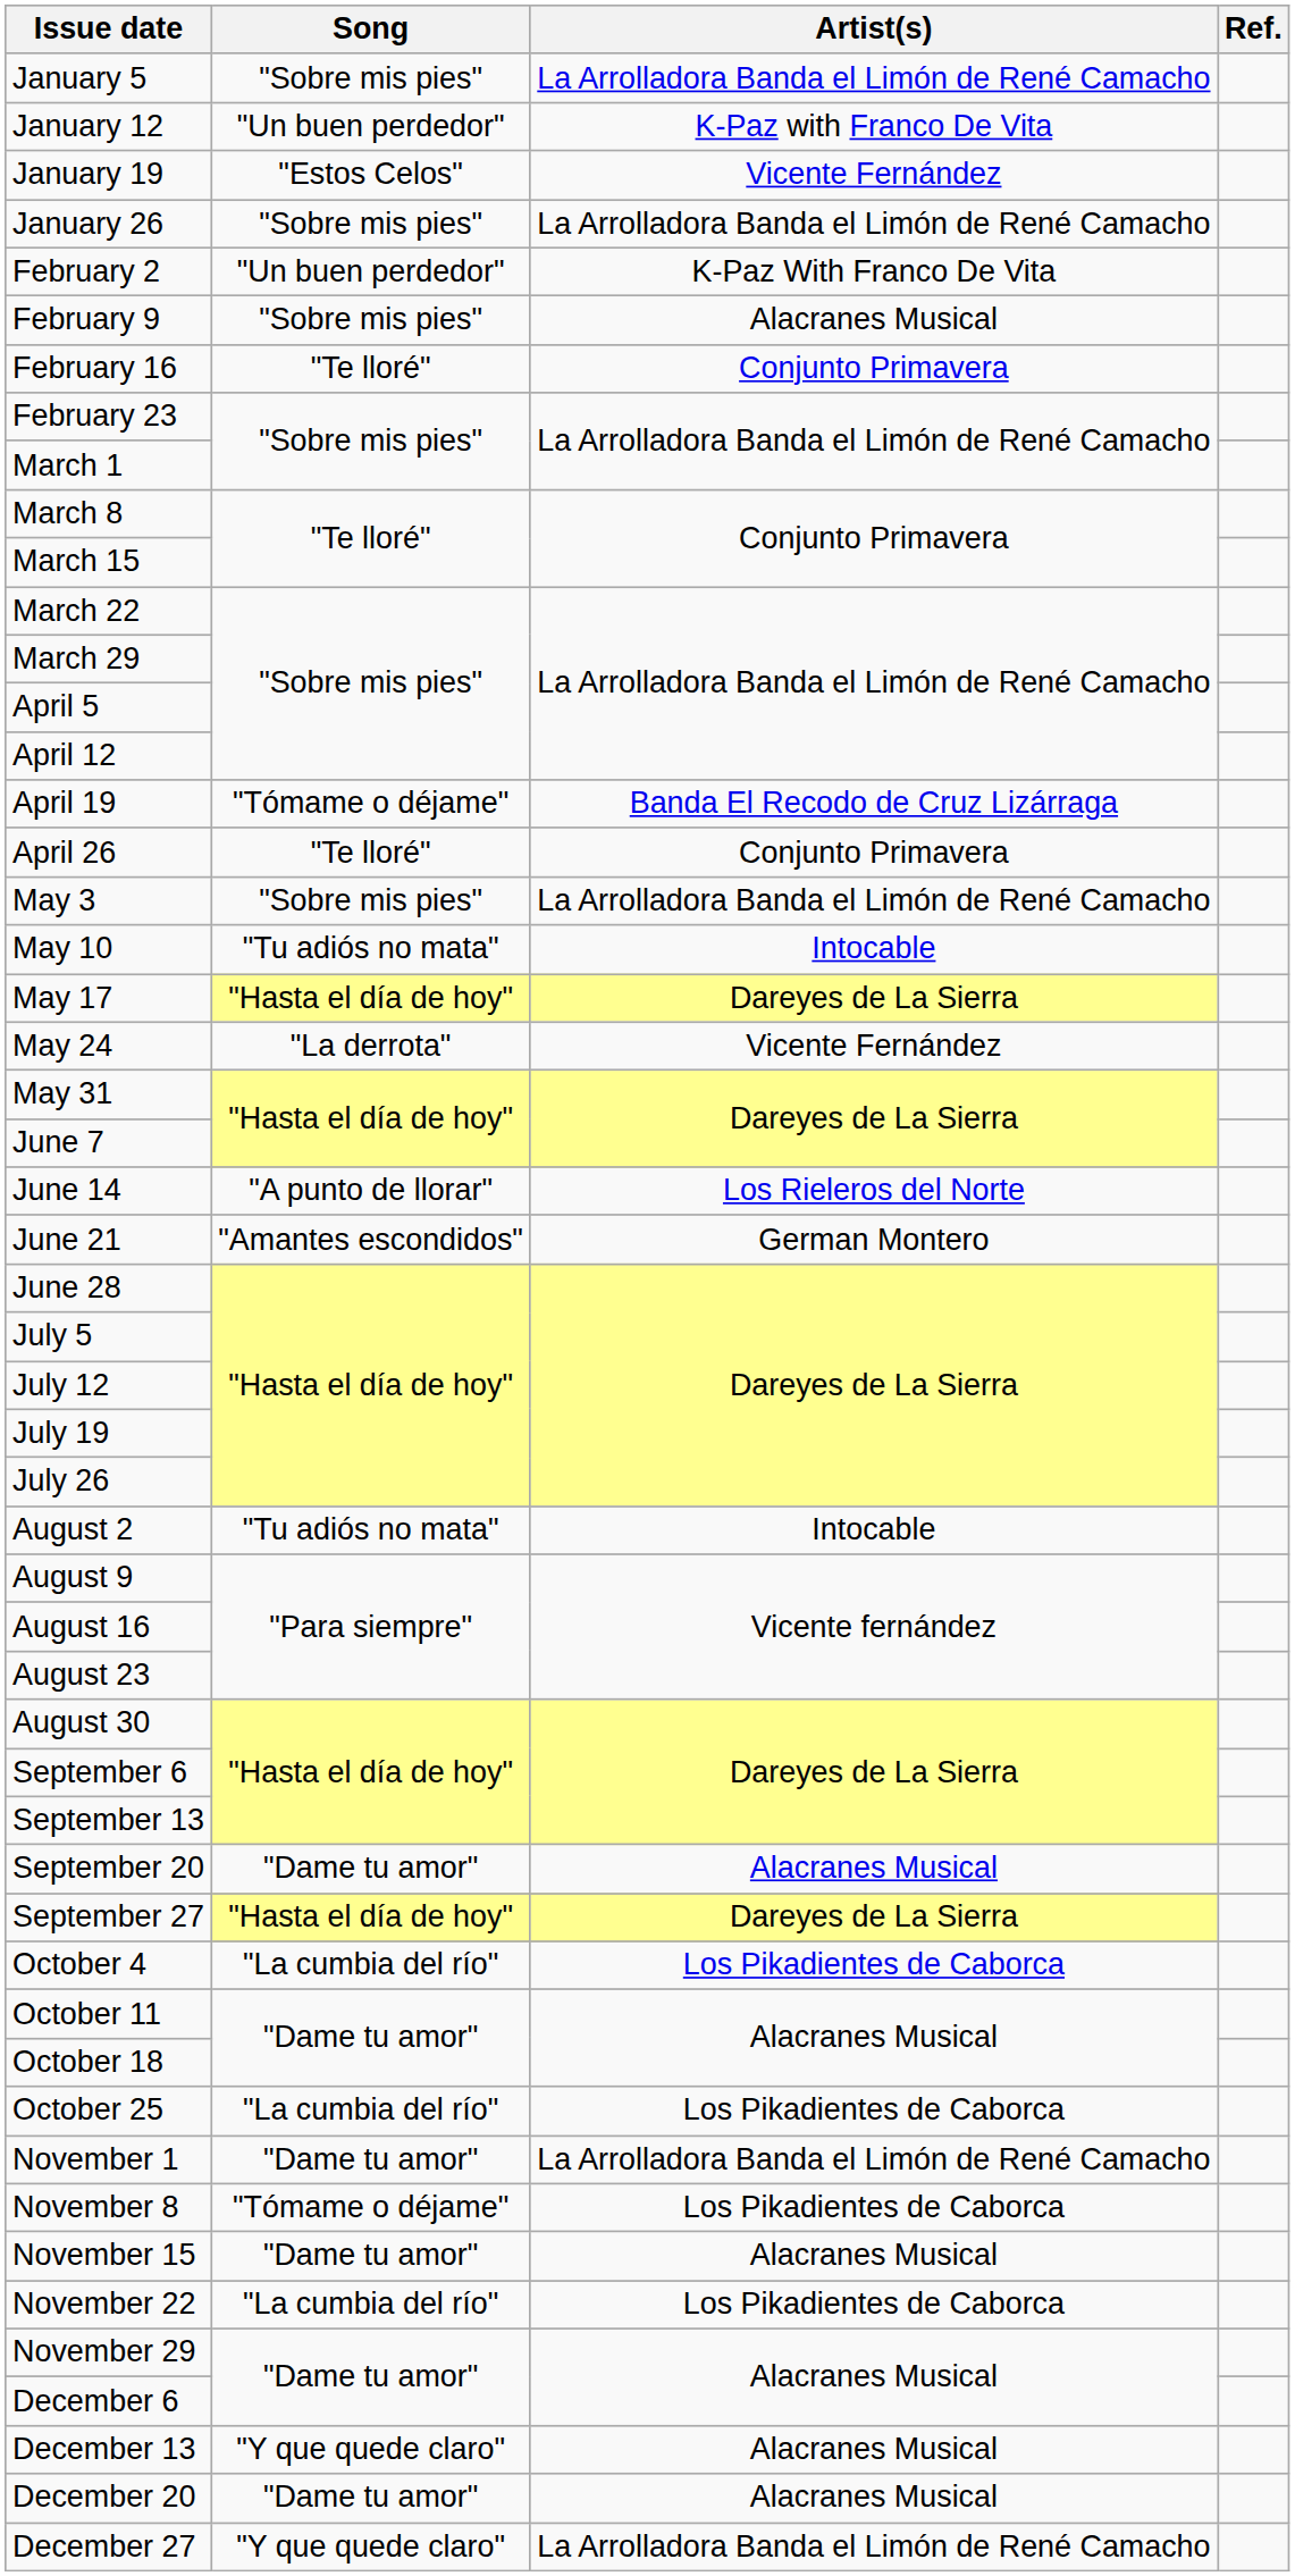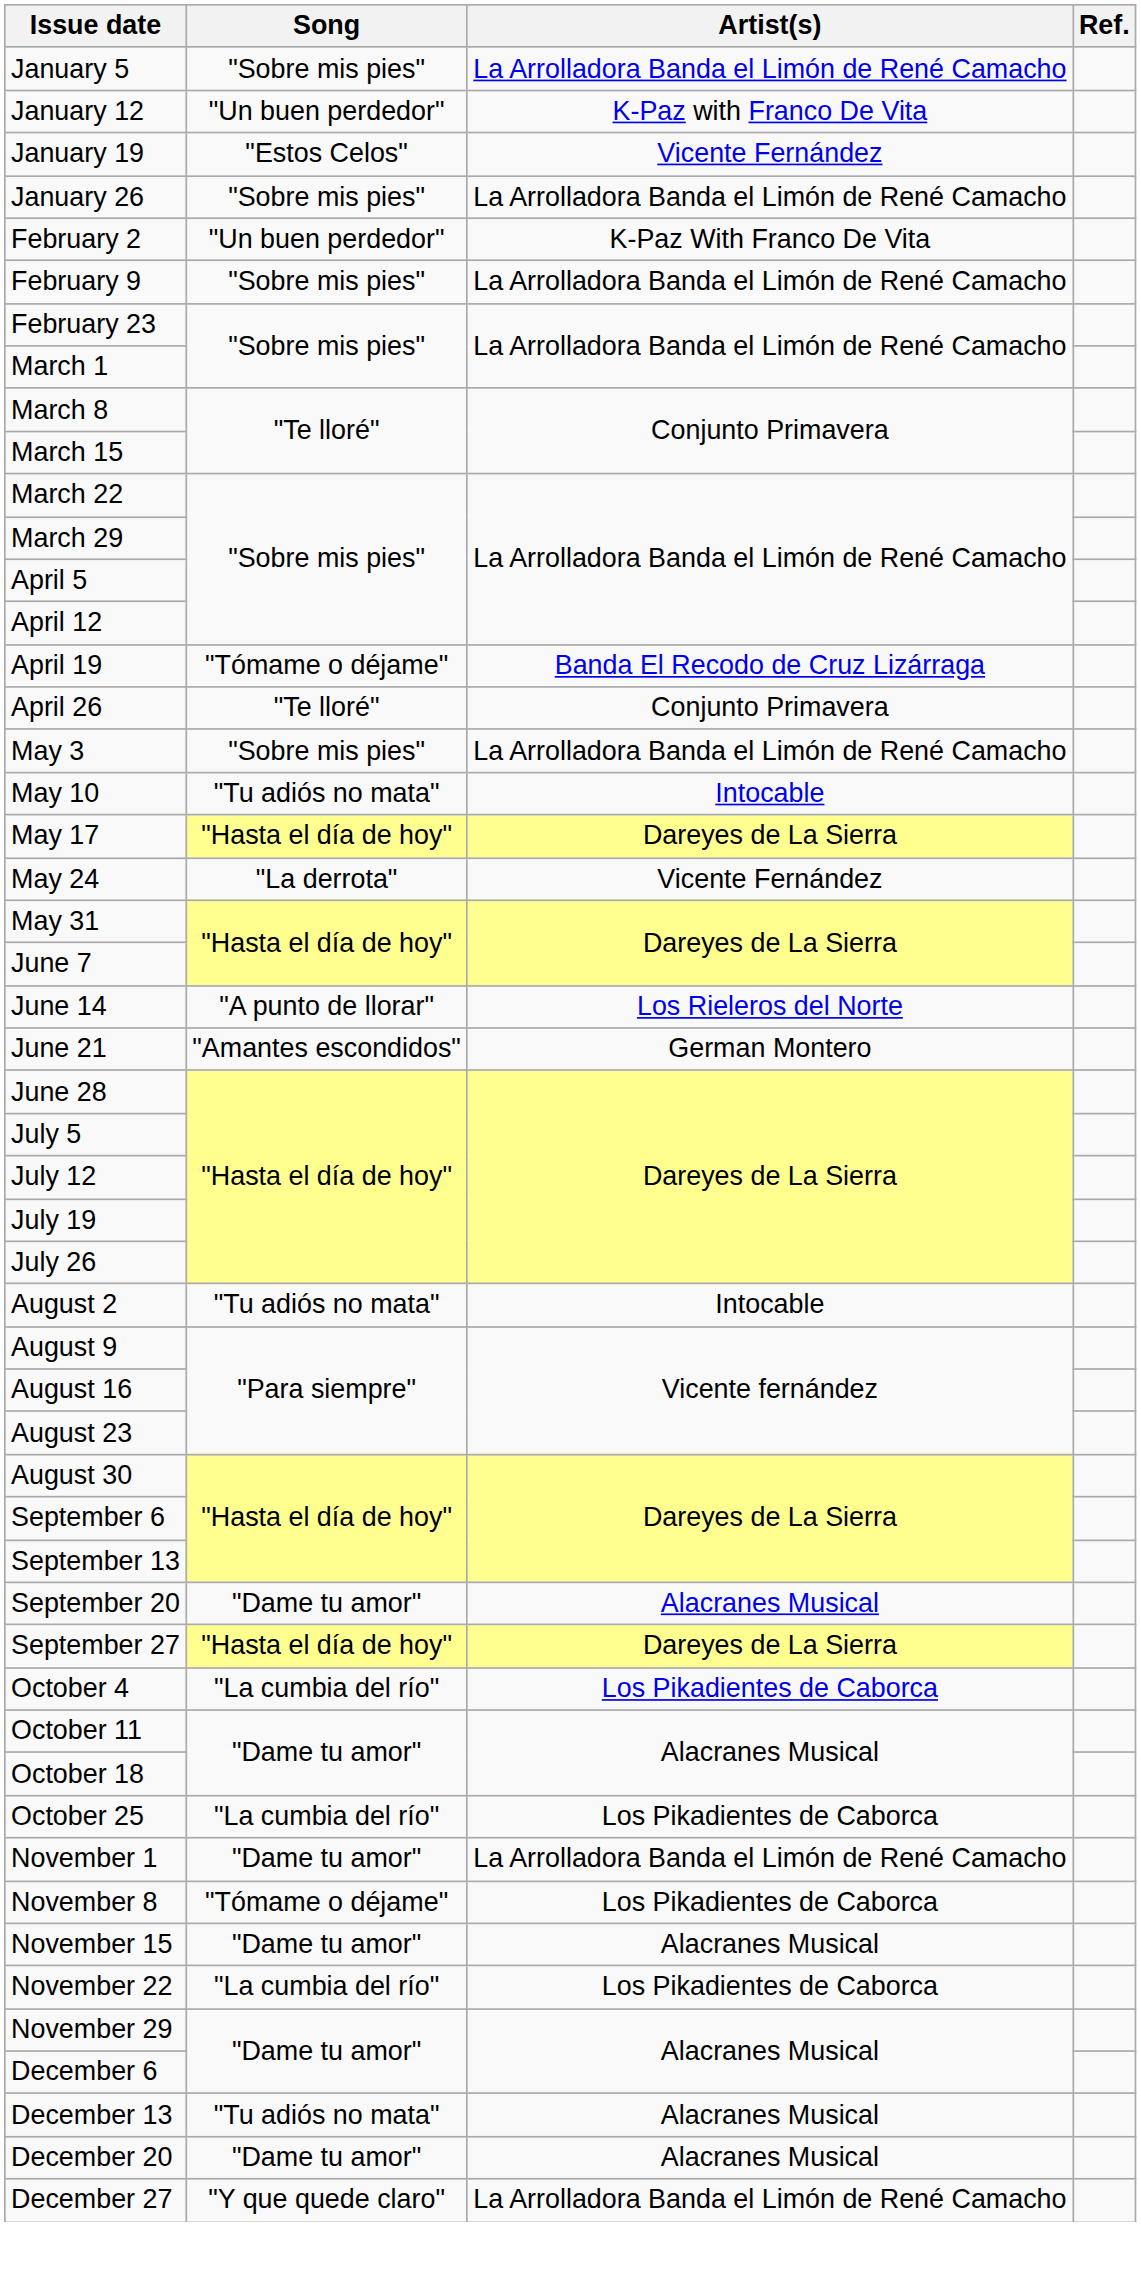 <table class="wikitable">
 <tr>
 <th>Issue date</th>
 <th>Song</th>
 <th>Artist(s)</th>
 <th>Ref.</th>
 </tr>
 <tr>
 <td>January 5</td>
 <td style="text-align: center;">"Sobre mis pies"</td>
 <td style="text-align: center;"><a href='#'>La Arrolladora Banda el Limón de René Camacho</a></td>
 <td style="text-align: center;"></td>
 </tr>
 <tr>
 <td>January 12</td>
 <td style="text-align: center;">"Un buen perdedor"</td>
 <td style="text-align: center;"><a href='#'>K-Paz</a> with <a href='#'>Franco De Vita</a></td>
 <td style="text-align: center;"></td>
 </tr>
 <tr>
 <td>January 19</td>
 <td style="text-align: center;">"Estos Celos"</td>
 <td style="text-align: center;"><a href='#'>Vicente Fernández</a></td>
 <td style="text-align: center;"></td>
 </tr>
 <tr>
 <td>January 26</td>
 <td style="text-align: center;">"Sobre mis pies"</td>
 <td style="text-align: center;">La Arrolladora Banda el Limón de René Camacho</td>
 <td style="text-align: center;"></td>
 </tr>
 <tr>
 <td>February 2</td>
 <td style="text-align: center;">"Un buen perdedor"</td>
 <td style="text-align: center;">K-Paz With Franco De Vita</td>
 <td style="text-align: center;"></td>
 </tr>
 <tr>
 <td>February 9</td>
 <td style="text-align: center;">"Sobre mis pies"</td>
-<td style="text-align: center;">Alacranes Musical</td>
-<td style="text-align: center;"></td>
-</tr>
-<tr>
-<td>February 16</td>
-<td style="text-align: center;">"Te lloré"</td>
-<td style="text-align: center;"><a href='#'>Conjunto Primavera</a></td>
+<td style="text-align: center;">La Arrolladora Banda el Limón de René Camacho</td>
 <td style="text-align: center;"></td>
 </tr>
 <tr>
 <td>February 23</td>
 <td style="text-align: center; "rowspan="2">"Sobre mis pies"</td>
 <td style="text-align: center;" rowspan="2">La Arrolladora Banda el Limón de René Camacho</td>
 <td style="text-align: center;"></td>
 </tr>
 <tr>
 <td>March 1</td>
 <td style="text-align: center;"></td>
 </tr>
 <tr>
 <td>March 8</td>
 <td style="text-align: center; "rowspan="2">"Te lloré"</td>
 <td style="text-align: center; "rowspan="2">Conjunto Primavera</td>
 <td style="text-align: center;"></td>
 </tr>
 <tr>
 <td>March 15</td>
 <td style="text-align: center;"></td>
 </tr>
 <tr>
 <td>March 22</td>
 <td style="text-align: center; "rowspan="4">"Sobre mis pies"</td>
 <td style="text-align: center; "rowspan="4">La Arrolladora Banda el Limón de René Camacho</td>
 <td style="text-align: center;"></td>
 </tr>
 <tr>
 <td>March 29</td>
 <td style="text-align: center;"></td>
 </tr>
 <tr>
 <td>April 5</td>
 <td style="text-align: center;"></td>
 </tr>
 <tr>
 <td>April 12</td>
 <td style="text-align: center;"></td>
 </tr>
 <tr>
 <td>April 19</td>
 <td style="text-align: center;">"Tómame o déjame"</td>
 <td style="text-align: center;"><a href='#'>Banda El Recodo de Cruz Lizárraga</a></td>
 <td style="text-align: center;"></td>
 </tr>
 <tr>
 <td>April 26</td>
 <td style="text-align: center;">"Te lloré"</td>
 <td style="text-align: center;">Conjunto Primavera</td>
 <td style="text-align: center;"></td>
 </tr>
 <tr>
 <td>May 3</td>
 <td style="text-align: center;">"Sobre mis pies"</td>
 <td style="text-align: center;">La Arrolladora Banda el Limón de René Camacho</td>
 <td style="text-align: center;"></td>
 </tr>
 <tr>
 <td>May 10</td>
 <td style="text-align: center;">"Tu adiós no mata"</td>
 <td style="text-align: center;"><a href='#'>Intocable</a></td>
 <td style="text-align: center;"></td>
 </tr>
 <tr>
 <td>May 17</td>
 <td bgcolor=#FFFF90 style="text-align: center;">"Hasta el día de hoy"</td>
 <td bgcolor=#FFFF90 style="text-align: center;">Dareyes de La Sierra</td>
 <td style="text-align: center;"></td>
 </tr>
 <tr>
 <td>May 24</td>
 <td style="text-align: center;">"La derrota"</td>
 <td style="text-align: center;">Vicente Fernández</td>
 <td style="text-align: center;"></td>
 </tr>
 <tr>
 <td>May 31</td>
 <td bgcolor=#FFFF90 style="text-align: center;" rowspan="2">"Hasta el día de hoy"</td>
 <td bgcolor=#FFFF90 style="text-align: center;" rowspan="2">Dareyes de La Sierra</td>
 <td style="text-align: center;"></td>
 </tr>
 <tr>
 <td>June 7</td>
 <td style="text-align: center;"></td>
 </tr>
 <tr>
 <td>June 14</td>
 <td style="text-align: center;">"A punto de llorar"</td>
 <td style="text-align: center;"><a href='#'>Los Rieleros del Norte</a></td>
 <td style="text-align: center;"></td>
 </tr>
 <tr>
 <td>June 21</td>
 <td style="text-align: center;">"Amantes escondidos"</td>
 <td style="text-align: center;">German Montero</td>
 <td style="text-align: center;"></td>
 </tr>
 <tr>
 <td>June 28</td>
 <td bgcolor=#FFFF90 style="text-align: center;" rowspan="5">"Hasta el día de hoy"</td>
 <td bgcolor=#FFFF90 style="text-align: center;" rowspan="5">Dareyes de La Sierra</td>
 <td style="text-align: center;"></td>
 </tr>
 <tr>
 <td>July 5</td>
 <td style="text-align: center;"></td>
 </tr>
 <tr>
 <td>July 12</td>
 <td style="text-align: center;"></td>
 </tr>
 <tr>
 <td>July 19</td>
 <td style="text-align: center;"></td>
 </tr>
 <tr>
 <td>July 26</td>
 <td style="text-align: center;"></td>
 </tr>
 <tr>
 <td>August 2</td>
 <td style="text-align: center;">"Tu adiós no mata"</td>
 <td style="text-align: center;">Intocable</td>
 <td style="text-align: center;"></td>
 </tr>
 <tr>
 <td>August 9</td>
 <td style="text-align: center;" rowspan="3">"Para siempre"</td>
 <td style="text-align: center;" rowspan="3">Vicente fernández</td>
 <td style="text-align: center;"></td>
 </tr>
 <tr>
 <td>August 16</td>
 <td style="text-align: center;"></td>
 </tr>
 <tr>
 <td>August 23</td>
 <td style="text-align: center;"></td>
 </tr>
 <tr>
 <td>August 30</td>
 <td bgcolor=#FFFF90 style="text-align: center;" rowspan="3">"Hasta el día de hoy"</td>
 <td bgcolor=#FFFF90 style="text-align: center;" rowspan="3">Dareyes de La Sierra</td>
 <td style="text-align: center;"></td>
 </tr>
 <tr>
 <td>September 6</td>
 <td style="text-align: center;"></td>
 </tr>
 <tr>
 <td>September 13</td>
 <td style="text-align: center;"></td>
 </tr>
 <tr>
 <td>September 20</td>
 <td style="text-align: center;">"Dame tu amor"</td>
 <td style="text-align: center;"><a href='#'>Alacranes Musical</a></td>
 <td style="text-align: center;"></td>
 </tr>
 <tr>
 <td>September 27</td>
 <td bgcolor=#FFFF90 style="text-align: center;">"Hasta el día de hoy"</td>
 <td bgcolor=#FFFF90 style="text-align: center;">Dareyes de La Sierra</td>
 <td style="text-align: center;"></td>
 </tr>
 <tr>
 <td>October 4</td>
 <td style="text-align: center;">"La cumbia del río"</td>
 <td style="text-align: center;"><a href='#'>Los Pikadientes de Caborca</a></td>
 <td style="text-align: center;"></td>
 </tr>
 <tr>
 <td>October 11</td>
 <td style="text-align: center;" rowspan="2">"Dame tu amor"</td>
 <td style="text-align: center;" rowspan="2">Alacranes Musical</td>
 <td style="text-align: center;"></td>
 </tr>
 <tr>
 <td>October 18</td>
 <td style="text-align: center;"></td>
 </tr>
 <tr>
 <td>October 25</td>
 <td style="text-align: center;">"La cumbia del río"</td>
 <td style="text-align: center;">Los Pikadientes de Caborca</td>
 <td style="text-align: center;"></td>
 </tr>
 <tr>
 <td>November 1</td>
 <td style="text-align: center;">"Dame tu amor"</td>
 <td style="text-align: center;">La Arrolladora Banda el Limón de René Camacho</td>
 <td style="text-align: center;"></td>
 </tr>
 <tr>
 <td>November 8</td>
 <td style="text-align: center;">"Tómame o déjame"</td>
 <td style="text-align: center;">Los Pikadientes de Caborca</td>
 <td style="text-align: center;"></td>
 </tr>
 <tr>
 <td>November 15</td>
 <td style="text-align: center;">"Dame tu amor"</td>
 <td style="text-align: center;">Alacranes Musical</td>
 <td style="text-align: center;"></td>
 </tr>
 <tr>
 <td>November 22</td>
 <td style="text-align: center;">"La cumbia del río"</td>
 <td style="text-align: center;">Los Pikadientes de Caborca</td>
 <td style="text-align: center;"></td>
 </tr>
 <tr>
 <td>November 29</td>
 <td style="text-align: center;" rowspan="2">"Dame tu amor"</td>
 <td style="text-align: center;" rowspan="2">Alacranes Musical</td>
 <td style="text-align: center;"></td>
 </tr>
 <tr>
 <td>December 6</td>
 <td style="text-align: center;"></td>
 </tr>
 <tr>
 <td>December 13</td>
-<td style="text-align: center;">"Y que quede claro"</td>
+<td style="text-align: center;">"Tu adiós no mata"</td>
 <td style="text-align: center;">Alacranes Musical</td>
 <td style="text-align: center;"></td>
 </tr>
 <tr>
 <td>December 20</td>
 <td style="text-align: center;">"Dame tu amor"</td>
 <td style="text-align: center;">Alacranes Musical</td>
 <td style="text-align: center;"></td>
 </tr>
 <tr>
 <td>December 27</td>
 <td style="text-align: center;">"Y que quede claro"</td>
 <td style="text-align: center;">La Arrolladora Banda el Limón de René Camacho</td>
 <td style="text-align: center;"></td>
 </tr>
 </table>
